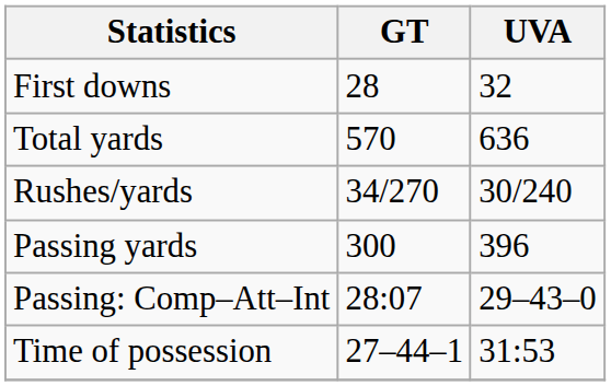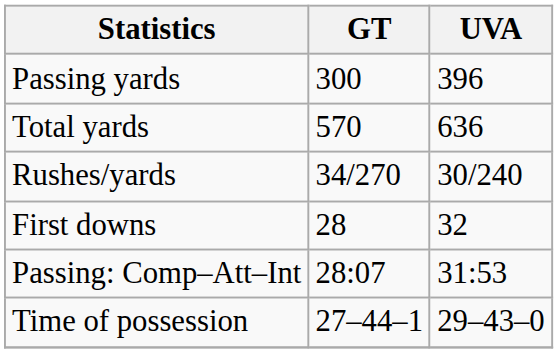 <table class="wikitable" style="float: left;">
 <tr>
 <th>Statistics</th>
 <th>GT</th>
 <th>UVA</th>
 </tr>
 <tr>
-<td>First downs</td>
-<td>28</td>
-<td>32</td>
+<td>Passing yards</td>
+<td>300</td>
+<td>396</td>
 </tr>
 <tr>
 <td>Total yards</td>
 <td>570</td>
 <td>636</td>
 </tr>
 <tr>
 <td>Rushes/yards</td>
 <td>34/270</td>
 <td>30/240</td>
 </tr>
 <tr>
-<td>Passing yards</td>
-<td>300</td>
-<td>396</td>
+<td>First downs</td>
+<td>28</td>
+<td>32</td>
 </tr>
 <tr>
 <td>Passing: Comp–Att–Int</td>
 <td>28:07</td>
-<td>29–43–0</td>
+<td>31:53</td>
 </tr>
 <tr>
 <td>Time of possession</td>
 <td>27–44–1</td>
-<td>31:53</td>
+<td>29–43–0</td>
 </tr>
 <tr>
 </tr>
 </table>
